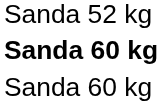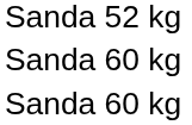 <table>
 <tr>
 <td>Sanda 52 kg</td>
 <td></td>
 <td></td>
 <td></td>
 </tr>
 <tr>
-<td><strong>Sanda 60 kg</strong></td>
+<td>Sanda 60 kg</td>
 <td></td>
 <td></td>
 <td></td>
 </tr>
 <tr>
 <td rowspan=2>Sanda 60 kg</td>
 <td rowspan=2></td>
 <td rowspan=2></td>
 <td></td>
 </tr>
 <tr>
 <td></td>
 </tr>
 </table>
